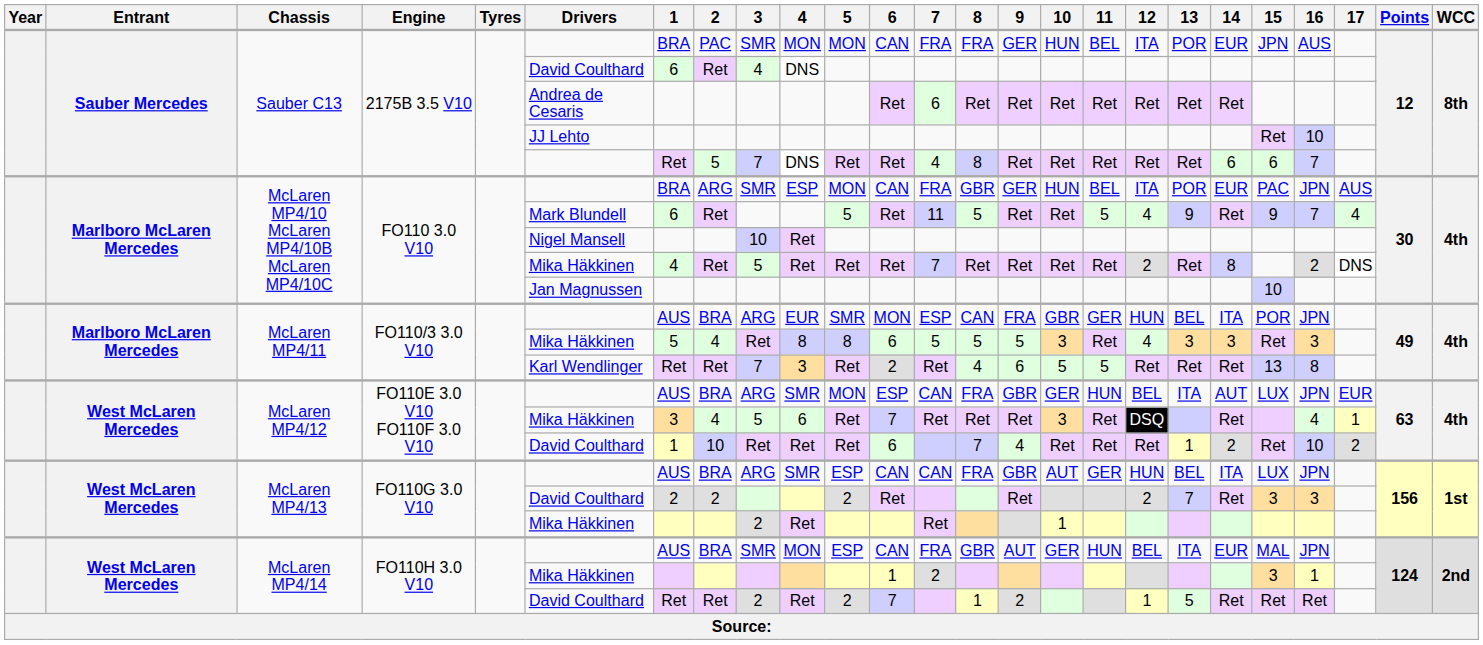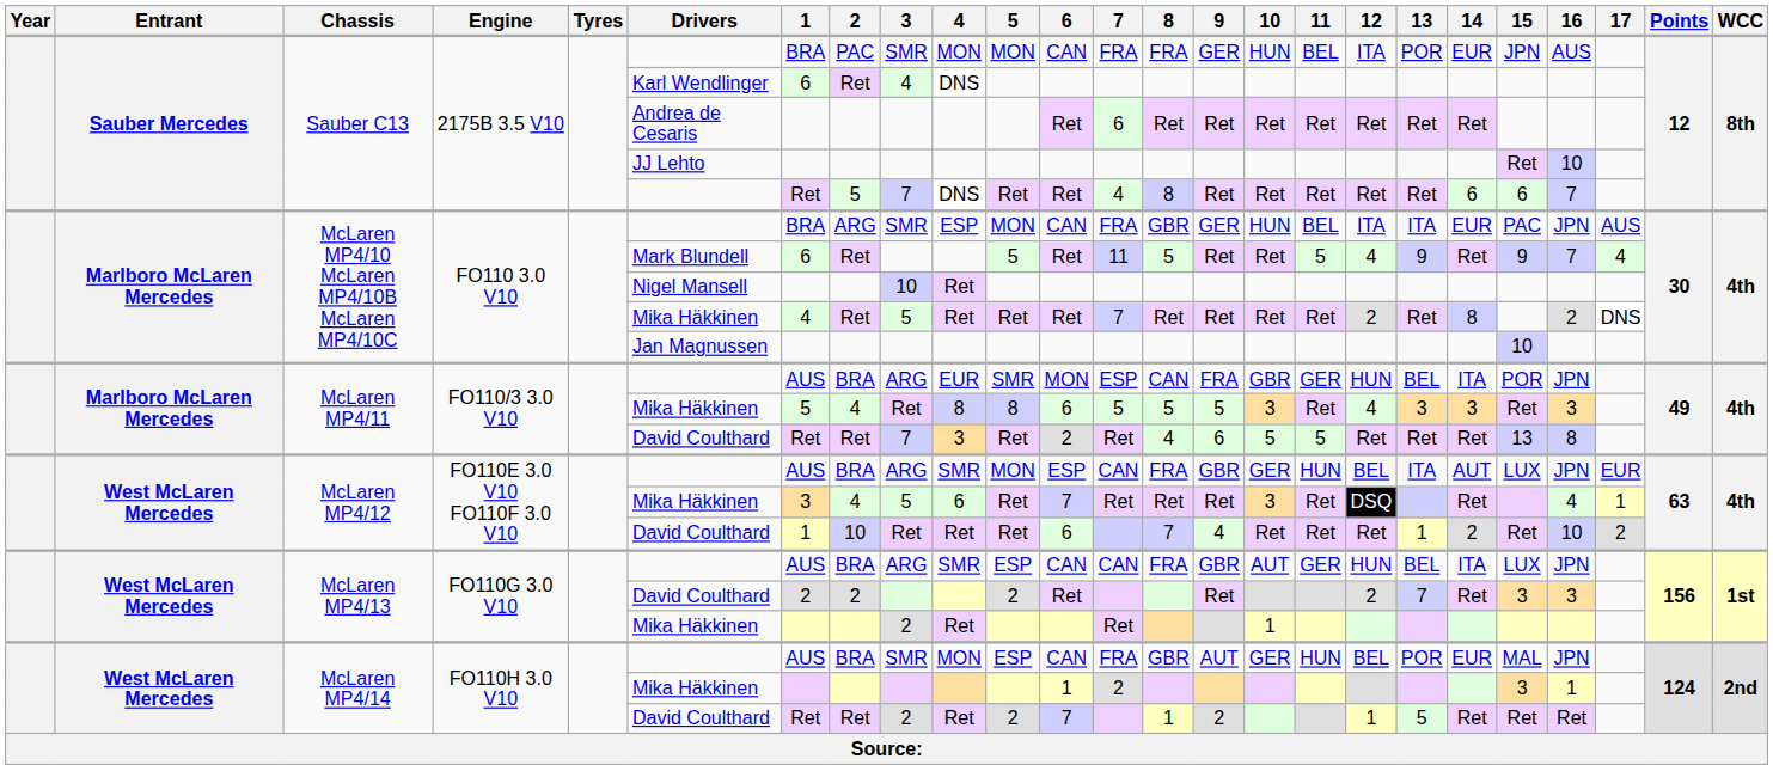 <table class="wikitable" style="text-align:center; font-size:85%">
 <tr>
 <th>Year</th>
 <th>Entrant</th>
 <th>Chassis</th>
 <th>Engine</th>
 <th>Tyres</th>
 <th>Drivers</th>
 <th>1</th>
 <th>2</th>
 <th>3</th>
 <th>4</th>
 <th>5</th>
 <th>6</th>
 <th>7</th>
 <th>8</th>
 <th>9</th>
 <th>10</th>
 <th>11</th>
 <th>12</th>
 <th>13</th>
 <th>14</th>
 <th>15</th>
 <th>16</th>
 <th>17</th>
 <th><a href='#'>Points</a></th>
 <th>WCC</th>
 </tr>
 <tr style="border-top:2px solid #aaaaaa">
 <th rowspan=5></th>
 <th rowspan=5><a href='#'>Sauber Mercedes</a></th>
 <td rowspan=5><a href='#'>Sauber C13</a></td>
 <td rowspan=5>2175B 3.5 <a href='#'>V10</a></td>
 <td rowspan=5></td>
 <td></td>
 <td><a href='#'>BRA</a></td>
 <td><a href='#'>PAC</a></td>
 <td><a href='#'>SMR</a></td>
 <td><a href='#'>MON</a></td>
 <td><a href='#'>MON</a></td>
 <td><a href='#'>CAN</a></td>
 <td><a href='#'>FRA</a></td>
 <td><a href='#'>FRA</a></td>
 <td><a href='#'>GER</a></td>
 <td><a href='#'>HUN</a></td>
 <td><a href='#'>BEL</a></td>
 <td><a href='#'>ITA</a></td>
 <td><a href='#'>POR</a></td>
 <td><a href='#'>EUR</a></td>
 <td><a href='#'>JPN</a></td>
 <td><a href='#'>AUS</a></td>
 <td></td>
 <th rowspan=5>12</th>
 <th rowspan=5>8th</th>
 </tr>
 <tr>
-<td align="left"> <a href='#'>David Coulthard</a></td>
+<td align="left"> <a href='#'>Karl Wendlinger</a></td>
 <td style="background:#DFFFDF;">6</td>
 <td style="background:#EFCFFF;">Ret</td>
 <td style="background:#DFFFDF;">4</td>
 <td style="background:#FFFFFF;">DNS</td>
 <td></td>
 <td></td>
 <td></td>
 <td></td>
 <td></td>
 <td></td>
 <td></td>
 <td></td>
 <td></td>
 <td></td>
 <td></td>
 <td></td>
 <td></td>
 </tr>
 <tr>
 <td align="left"> <a href='#'>Andrea de Cesaris</a></td>
 <td></td>
 <td></td>
 <td></td>
 <td></td>
 <td></td>
 <td style="background:#EFCFFF;">Ret</td>
 <td style="background:#DFFFDF;">6</td>
 <td style="background:#EFCFFF;">Ret</td>
 <td style="background:#EFCFFF;">Ret</td>
 <td style="background:#EFCFFF;">Ret</td>
 <td style="background:#EFCFFF;">Ret</td>
 <td style="background:#EFCFFF;">Ret</td>
 <td style="background:#EFCFFF;">Ret</td>
 <td style="background:#EFCFFF;">Ret</td>
 <td></td>
 <td></td>
 <td></td>
 </tr>
 <tr>
 <td align="left"> <a href='#'>JJ Lehto</a></td>
 <td></td>
 <td></td>
 <td></td>
 <td></td>
 <td></td>
 <td></td>
 <td></td>
 <td></td>
 <td></td>
 <td></td>
 <td></td>
 <td></td>
 <td></td>
 <td></td>
 <td style="background:#EFCFFF;">Ret</td>
 <td style="background:#CFCFFF;">10</td>
 <td></td>
 </tr>
 <tr>
 <td align="left"></td>
 <td style="background:#EFCFFF;">Ret</td>
 <td style="background:#DFFFDF;">5</td>
 <td style="background:#CFCFFF;">7</td>
 <td style="background:#FFFFFF;">DNS</td>
 <td style="background:#EFCFFF;">Ret</td>
 <td style="background:#EFCFFF;">Ret</td>
 <td style="background:#DFFFDF;">4</td>
 <td style="background:#CFCFFF;">8</td>
 <td style="background:#EFCFFF;">Ret</td>
 <td style="background:#EFCFFF;">Ret</td>
 <td style="background:#EFCFFF;">Ret</td>
 <td style="background:#EFCFFF;">Ret</td>
 <td style="background:#EFCFFF;">Ret</td>
 <td style="background:#DFFFDF;">6</td>
 <td style="background:#DFFFDF;">6</td>
 <td style="background:#CFCFFF;">7</td>
 <td></td>
 </tr>
 <tr style="border-top:2px solid #aaaaaa">
 <th rowspan=5></th>
 <th rowspan=5><a href='#'>Marlboro McLaren Mercedes</a></th>
 <td rowspan=5><a href='#'>McLaren MP4/10</a><br><a href='#'>McLaren MP4/10B</a><br><a href='#'>McLaren MP4/10C</a></td>
 <td rowspan=5>FO110 3.0 <a href='#'>V10</a></td>
 <td rowspan=5></td>
 <td></td>
 <td><a href='#'>BRA</a></td>
 <td><a href='#'>ARG</a></td>
 <td><a href='#'>SMR</a></td>
 <td><a href='#'>ESP</a></td>
 <td><a href='#'>MON</a></td>
 <td><a href='#'>CAN</a></td>
 <td><a href='#'>FRA</a></td>
 <td><a href='#'>GBR</a></td>
 <td><a href='#'>GER</a></td>
 <td><a href='#'>HUN</a></td>
 <td><a href='#'>BEL</a></td>
 <td><a href='#'>ITA</a></td>
-<td><a href='#'>POR</a></td>
+<td><a href='#'>ITA</a></td>
 <td><a href='#'>EUR</a></td>
 <td><a href='#'>PAC</a></td>
 <td><a href='#'>JPN</a></td>
 <td><a href='#'>AUS</a></td>
 <th rowspan=5>30</th>
 <th rowspan=5>4th</th>
 </tr>
 <tr>
 <td align="left"> <a href='#'>Mark Blundell</a></td>
 <td style="background:#DFFFDF;">6</td>
 <td style="background:#EFCFFF;">Ret</td>
 <td></td>
 <td></td>
 <td style="background:#DFFFDF;">5</td>
 <td style="background:#EFCFFF;">Ret</td>
 <td style="background:#CFCFFF;">11</td>
 <td style="background:#DFFFDF;">5</td>
 <td style="background:#EFCFFF;">Ret</td>
 <td style="background:#EFCFFF;">Ret</td>
 <td style="background:#DFFFDF;">5</td>
 <td style="background:#DFFFDF;">4</td>
 <td style="background:#CFCFFF;">9</td>
 <td style="background:#EFCFFF;">Ret</td>
 <td style="background:#CFCFFF;">9</td>
 <td style="background:#CFCFFF;">7</td>
 <td style="background:#DFFFDF;">4</td>
 </tr>
 <tr>
 <td align="left"> <a href='#'>Nigel Mansell</a></td>
 <td></td>
 <td></td>
 <td style="background:#CFCFFF;">10</td>
 <td style="background:#EFCFFF;">Ret</td>
 <td></td>
 <td></td>
 <td></td>
 <td></td>
 <td></td>
 <td></td>
 <td></td>
 <td></td>
 <td></td>
 <td></td>
 <td></td>
 <td></td>
 <td></td>
 </tr>
 <tr>
 <td align="left"> <a href='#'>Mika Häkkinen</a></td>
 <td style="background:#DFFFDF;">4</td>
 <td style="background:#EFCFFF;">Ret</td>
 <td style="background:#DFFFDF;">5</td>
 <td style="background:#EFCFFF;">Ret</td>
 <td style="background:#EFCFFF;">Ret</td>
 <td style="background:#EFCFFF;">Ret</td>
 <td style="background:#CFCFFF;">7</td>
 <td style="background:#EFCFFF;">Ret</td>
 <td style="background:#EFCFFF;">Ret</td>
 <td style="background:#EFCFFF;">Ret</td>
 <td style="background:#EFCFFF;">Ret</td>
 <td style="background:#DFDFDF;">2</td>
 <td style="background:#EFCFFF;">Ret</td>
 <td style="background:#CFCFFF;">8</td>
 <td></td>
 <td style="background:#DFDFDF;">2</td>
 <td style="background:#FFFFFF;">DNS</td>
 </tr>
 <tr>
 <td align="left"> <a href='#'>Jan Magnussen</a></td>
 <td></td>
 <td></td>
 <td></td>
 <td></td>
 <td></td>
 <td></td>
 <td></td>
 <td></td>
 <td></td>
 <td></td>
 <td></td>
 <td></td>
 <td></td>
 <td></td>
 <td style="background:#CFCFFF;">10</td>
 <td></td>
 <td></td>
 </tr>
 <tr style="border-top:2px solid #aaaaaa">
 <th rowspan=3></th>
 <th rowspan=3><a href='#'>Marlboro McLaren Mercedes</a></th>
 <td rowspan=3><a href='#'>McLaren MP4/11</a></td>
 <td rowspan=3>FO110/3 3.0 <a href='#'>V10</a></td>
 <td rowspan=3></td>
 <td></td>
 <td><a href='#'>AUS</a></td>
 <td><a href='#'>BRA</a></td>
 <td><a href='#'>ARG</a></td>
 <td><a href='#'>EUR</a></td>
 <td><a href='#'>SMR</a></td>
 <td><a href='#'>MON</a></td>
 <td><a href='#'>ESP</a></td>
 <td><a href='#'>CAN</a></td>
 <td><a href='#'>FRA</a></td>
 <td><a href='#'>GBR</a></td>
 <td><a href='#'>GER</a></td>
 <td><a href='#'>HUN</a></td>
 <td><a href='#'>BEL</a></td>
 <td><a href='#'>ITA</a></td>
 <td><a href='#'>POR</a></td>
 <td><a href='#'>JPN</a></td>
 <td></td>
 <th rowspan=3>49</th>
 <th rowspan=3>4th</th>
 </tr>
 <tr>
 <td align="left"> <a href='#'>Mika Häkkinen</a></td>
 <td style="background:#DFFFDF;">5</td>
 <td style="background:#DFFFDF;">4</td>
 <td style="background:#EFCFFF;">Ret</td>
 <td style="background:#CFCFFF;">8</td>
 <td style="background:#CFCFFF;">8</td>
 <td style="background:#DFFFDF;">6</td>
 <td style="background:#DFFFDF;">5</td>
 <td style="background:#DFFFDF;">5</td>
 <td style="background:#DFFFDF;">5</td>
 <td style="background:#FFDF9F;">3</td>
 <td style="background:#EFCFFF;">Ret</td>
 <td style="background:#DFFFDF;">4</td>
 <td style="background:#FFDF9F;">3</td>
 <td style="background:#FFDF9F;">3</td>
 <td style="background:#EFCFFF;">Ret</td>
 <td style="background:#FFDF9F;">3</td>
 <td></td>
 </tr>
 <tr>
-<td align="left"> <a href='#'>Karl Wendlinger</a></td>
+<td align="left"> <a href='#'>David Coulthard</a></td>
 <td style="background:#EFCFFF;">Ret</td>
 <td style="background:#EFCFFF;">Ret</td>
 <td style="background:#CFCFFF;">7</td>
 <td style="background:#FFDF9F;">3</td>
 <td style="background:#EFCFFF;">Ret</td>
 <td style="background:#DFDFDF;">2</td>
 <td style="background:#EFCFFF;">Ret</td>
 <td style="background:#DFFFDF;">4</td>
 <td style="background:#DFFFDF;">6</td>
 <td style="background:#DFFFDF;">5</td>
 <td style="background:#DFFFDF;">5</td>
 <td style="background:#EFCFFF;">Ret</td>
 <td style="background:#EFCFFF;">Ret</td>
 <td style="background:#EFCFFF;">Ret</td>
 <td style="background:#CFCFFF;">13</td>
 <td style="background:#CFCFFF;">8</td>
 <td></td>
 </tr>
 <tr style="border-top:2px solid #aaaaaa">
 <th rowspan=3></th>
 <th rowspan=3><a href='#'>West McLaren Mercedes</a></th>
 <td rowspan=3><a href='#'>McLaren MP4/12</a></td>
 <td rowspan=3>FO110E 3.0 <a href='#'>V10</a><br>FO110F 3.0 <a href='#'>V10</a></td>
 <td rowspan=3></td>
 <td></td>
 <td><a href='#'>AUS</a></td>
 <td><a href='#'>BRA</a></td>
 <td><a href='#'>ARG</a></td>
 <td><a href='#'>SMR</a></td>
 <td><a href='#'>MON</a></td>
 <td><a href='#'>ESP</a></td>
 <td><a href='#'>CAN</a></td>
 <td><a href='#'>FRA</a></td>
 <td><a href='#'>GBR</a></td>
 <td><a href='#'>GER</a></td>
 <td><a href='#'>HUN</a></td>
 <td><a href='#'>BEL</a></td>
 <td><a href='#'>ITA</a></td>
 <td><a href='#'>AUT</a></td>
 <td><a href='#'>LUX</a></td>
 <td><a href='#'>JPN</a></td>
 <td><a href='#'>EUR</a></td>
 <th rowspan=3>63</th>
 <th rowspan=3>4th</th>
 </tr>
 <tr>
 <td align="left"> <a href='#'>Mika Häkkinen</a></td>
 <td style="background:#FFDF9F;">3</td>
 <td style="background:#DFFFDF;">4</td>
 <td style="background:#DFFFDF;">5</td>
 <td style="background:#DFFFDF;">6</td>
 <td style="background:#EFCFFF;">Ret</td>
 <td style="background:#CFCFFF;">7</td>
 <td style="background:#EFCFFF;">Ret</td>
 <td style="background:#EFCFFF;">Ret</td>
 <td style="background:#EFCFFF;">Ret</td>
 <td style="background:#FFDF9F;">3</td>
 <td style="background:#EFCFFF;">Ret</td>
 <td style="background:#000000; color:white">DSQ</td>
 <td style="background:#CFCFFF;"></td>
 <td style="background:#EFCFFF;">Ret</td>
 <td style="background:#EFCFFF;"></td>
 <td style="background:#DFFFDF;">4</td>
 <td style="background:#FFFFBF;">1</td>
 </tr>
 <tr>
 <td align="left"> <a href='#'>David Coulthard</a></td>
 <td style="background:#FFFFBF;">1</td>
 <td style="background:#CFCFFF;">10</td>
 <td style="background:#EFCFFF;">Ret</td>
 <td style="background:#EFCFFF;">Ret</td>
 <td style="background:#EFCFFF;">Ret</td>
 <td style="background:#DFFFDF;">6</td>
 <td style="background:#CFCFFF;"></td>
 <td style="background:#CFCFFF;">7</td>
 <td style="background:#DFFFDF;">4</td>
 <td style="background:#EFCFFF;">Ret</td>
 <td style="background:#EFCFFF;">Ret</td>
 <td style="background:#EFCFFF;">Ret</td>
 <td style="background:#FFFFBF;">1</td>
 <td style="background:#DFDFDF;">2</td>
 <td style="background:#EFCFFF;">Ret</td>
 <td style="background:#CFCFFF;">10</td>
 <td style="background:#DFDFDF;">2</td>
 </tr>
 <tr style="border-top:2px solid #aaaaaa">
 <th rowspan=3></th>
 <th rowspan=3><a href='#'>West McLaren Mercedes</a></th>
 <td rowspan=3><a href='#'>McLaren MP4/13</a></td>
 <td rowspan=3>FO110G 3.0 <a href='#'>V10</a></td>
 <td rowspan=3></td>
 <td></td>
 <td><a href='#'>AUS</a></td>
 <td><a href='#'>BRA</a></td>
 <td><a href='#'>ARG</a></td>
 <td><a href='#'>SMR</a></td>
 <td><a href='#'>ESP</a></td>
 <td><a href='#'>CAN</a></td>
 <td><a href='#'>CAN</a></td>
 <td><a href='#'>FRA</a></td>
 <td><a href='#'>GBR</a></td>
 <td><a href='#'>AUT</a></td>
 <td><a href='#'>GER</a></td>
 <td><a href='#'>HUN</a></td>
 <td><a href='#'>BEL</a></td>
 <td><a href='#'>ITA</a></td>
 <td><a href='#'>LUX</a></td>
 <td><a href='#'>JPN</a></td>
 <td></td>
 <td rowspan=3 style="background:#FFFFBF;"><strong>156</strong></td>
 <td rowspan=3 style="background:#FFFFBF;"><strong>1st</strong></td>
 </tr>
 <tr>
 <td align="left"> <a href='#'>David Coulthard</a></td>
 <td style="background:#DFDFDF;">2</td>
 <td style="background:#DFDFDF;">2</td>
 <td style="background:#DFFFDF;"></td>
 <td style="background:#FFFFBF;"></td>
 <td style="background:#DFDFDF;">2</td>
 <td style="background:#EFCFFF;">Ret</td>
 <td style="background:#EFCFFF;"></td>
 <td style="background:#DFFFDF;"></td>
 <td style="background:#EFCFFF;">Ret</td>
 <td style="background:#DFDFDF;"></td>
 <td style="background:#DFDFDF;"></td>
 <td style="background:#DFDFDF;">2</td>
 <td style="background:#CFCFFF;">7</td>
 <td style="background:#EFCFFF;">Ret</td>
 <td style="background:#FFDF9F;">3</td>
 <td style="background:#FFDF9F;">3</td>
 <td></td>
 </tr>
 <tr>
 <td align="left"> <a href='#'>Mika Häkkinen</a></td>
 <td style="background:#FFFFBF;"></td>
 <td style="background:#FFFFBF;"></td>
 <td style="background:#DFDFDF;">2</td>
 <td style="background:#EFCFFF;">Ret</td>
 <td style="background:#FFFFBF;"></td>
 <td style="background:#FFFFBF;"></td>
 <td style="background:#EFCFFF;">Ret</td>
 <td style="background:#FFDF9F;"></td>
 <td style="background:#DFDFDF;"></td>
 <td style="background:#FFFFBF;">1</td>
 <td style="background:#FFFFBF;"></td>
 <td style="background:#DFFFDF;"></td>
 <td style="background:#EFCFFF;"></td>
 <td style="background:#DFFFDF;"></td>
 <td style="background:#FFFFBF;"></td>
 <td style="background:#FFFFBF;"></td>
 <td></td>
 </tr>
 <tr style="border-top:2px solid #aaaaaa">
 <th rowspan=3></th>
 <th rowspan=3><a href='#'>West McLaren Mercedes</a></th>
 <td rowspan=3><a href='#'>McLaren MP4/14</a></td>
 <td rowspan=3>FO110H 3.0 <a href='#'>V10</a></td>
 <td rowspan=3></td>
 <td></td>
 <td><a href='#'>AUS</a></td>
 <td><a href='#'>BRA</a></td>
 <td><a href='#'>SMR</a></td>
 <td><a href='#'>MON</a></td>
 <td><a href='#'>ESP</a></td>
 <td><a href='#'>CAN</a></td>
 <td><a href='#'>FRA</a></td>
 <td><a href='#'>GBR</a></td>
 <td><a href='#'>AUT</a></td>
 <td><a href='#'>GER</a></td>
 <td><a href='#'>HUN</a></td>
 <td><a href='#'>BEL</a></td>
-<td><a href='#'>ITA</a></td>
+<td><a href='#'>POR</a></td>
 <td><a href='#'>EUR</a></td>
 <td><a href='#'>MAL</a></td>
 <td><a href='#'>JPN</a></td>
 <td></td>
 <td rowspan=3 style="background:#DFDFDF;"><strong>124</strong></td>
 <td rowspan=3 style="background:#DFDFDF;"><strong>2nd</strong></td>
 </tr>
 <tr>
 <td align="left"> <a href='#'>Mika Häkkinen</a></td>
 <td style="background:#EFCFFF;"></td>
 <td style="background:#FFFFBF;"></td>
 <td style="background:#EFCFFF;"></td>
 <td style="background:#FFDF9F;"></td>
 <td style="background:#FFFFBF;"></td>
 <td style="background:#FFFFBF;">1</td>
 <td style="background:#DFDFDF;">2</td>
 <td style="background:#EFCFFF;"></td>
 <td style="background:#FFDF9F;"></td>
 <td style="background:#EFCFFF;"></td>
 <td style="background:#FFFFBF;"></td>
 <td style="background:#DFDFDF;"></td>
 <td style="background:#EFCFFF;"></td>
 <td style="background:#DFFFDF;"></td>
 <td style="background:#FFDF9F;">3</td>
 <td style="background:#FFFFBF;">1</td>
 <td></td>
 </tr>
 <tr>
 <td align="left"> <a href='#'>David Coulthard</a></td>
 <td style="background:#EFCFFF;">Ret</td>
 <td style="background:#EFCFFF;">Ret</td>
 <td style="background:#DFDFDF;">2</td>
 <td style="background:#EFCFFF;">Ret</td>
 <td style="background:#DFDFDF;">2</td>
 <td style="background:#CFCFFF;">7</td>
 <td style="background:#EFCFFF;"></td>
 <td style="background:#FFFFBF;">1</td>
 <td style="background:#DFDFDF;">2</td>
 <td style="background:#DFFFDF;"></td>
 <td style="background:#DFDFDF;"></td>
 <td style="background:#FFFFBF;">1</td>
 <td style="background:#DFFFDF;">5</td>
 <td style="background:#EFCFFF;">Ret</td>
 <td style="background:#EFCFFF;">Ret</td>
 <td style="background:#EFCFFF;">Ret</td>
 <td></td>
 </tr>
 <tr>
 <th colspan="25">Source:</th>
 </tr>
 </table>
